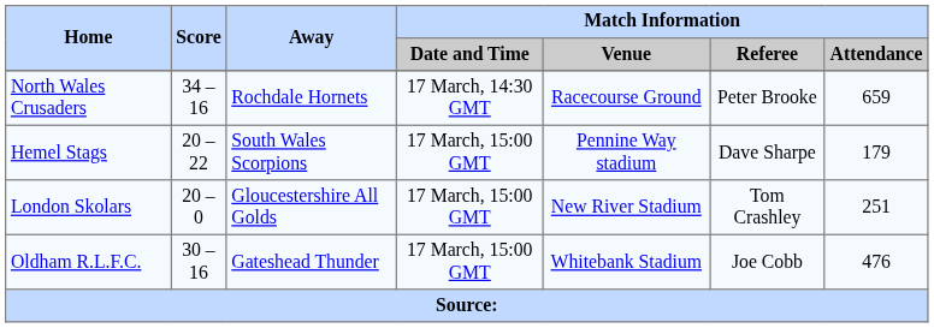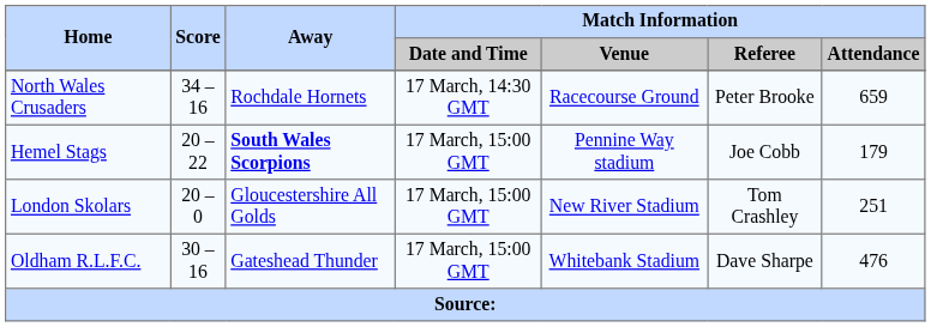 <table border="1" cellpadding="3" cellspacing="0" style="border-collapse:collapse; font-size:80%; text-align:center; width:100%;">
 <tr style="background:#c1d8ff;">
 <th rowspan="2" style="width:19%;">Home</th>
 <th rowspan="2" style="width:6%;">Score</th>
 <th rowspan="2" style="width:19%;">Away</th>
 <th colspan=6>Match Information</th>
 </tr>
 <tr style="background:#ccc;">
 <th width=17%>Date and Time</th>
 <th width=19%>Venue</th>
 <th width=13%>Referee</th>
 <th width=7%>Attendance</th>
 </tr>
 <tr style="background:#f5faff;">
 </tr>
 <tr style="background:#f5faff;">
 <td align=left>  <a href='#'>North Wales Crusaders</a></td>
 <td>34 – 16</td>
 <td align=left> <a href='#'>Rochdale Hornets</a></td>
 <td>17 March, 14:30 <a href='#'>GMT</a></td>
 <td><a href='#'>Racecourse Ground</a></td>
 <td>Peter Brooke</td>
 <td>659</td>
 </tr>
 <tr style="background:#f5faff;">
 <td align=left> <a href='#'>Hemel Stags</a></td>
 <td>20 – 22</td>
-<td align=left> <a href='#'>South Wales Scorpions</a></td>
+<td align=left><strong> <a href='#'>South Wales Scorpions</a></strong></td>
 <td>17 March, 15:00 <a href='#'>GMT</a></td>
 <td><a href='#'>Pennine Way stadium</a></td>
-<td>Dave Sharpe</td>
+<td>Joe Cobb</td>
 <td>179</td>
 </tr>
 <tr style="background:#f5faff;">
 <td align=left> <a href='#'>London Skolars</a></td>
 <td>20 – 0</td>
 <td align=left> <a href='#'>Gloucestershire All Golds</a></td>
 <td>17 March, 15:00 <a href='#'>GMT</a></td>
 <td><a href='#'>New River Stadium</a></td>
 <td>Tom Crashley</td>
 <td>251</td>
 </tr>
 <tr style="background:#f5faff;">
 <td align=left> <a href='#'>Oldham R.L.F.C.</a></td>
 <td>30 – 16</td>
 <td align=left> <a href='#'>Gateshead Thunder</a></td>
 <td>17 March, 15:00 <a href='#'>GMT</a></td>
 <td><a href='#'>Whitebank Stadium</a></td>
-<td>Joe Cobb</td>
+<td>Dave Sharpe</td>
 <td>476</td>
 </tr>
 <tr style="background:#c1d8ff;">
 <th colspan=12>Source:</th>
 </tr>
 </table>
